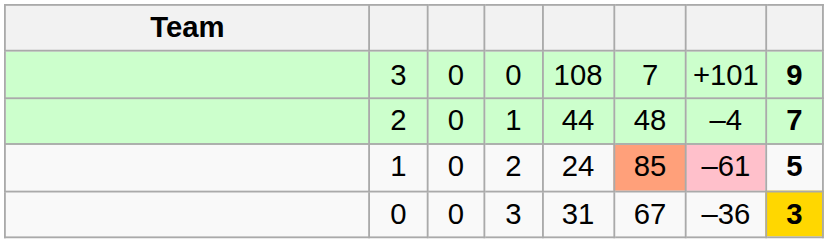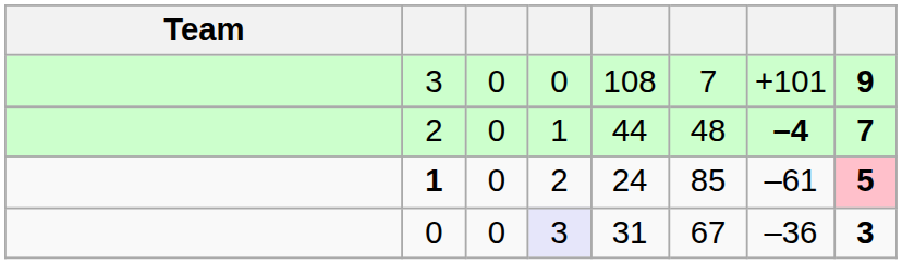 <table class="wikitable" style="text-align:center;">
 <tr>
 <th style="width:12em;">Team</th>
 <th style="width:1.5em;"></th>
 <th style="width:1.5em;"></th>
 <th style="width:1.5em;"></th>
 <th style="width:2.0em;"></th>
 <th style="width:2.0em;"></th>
 <th style="width:2.0em;"></th>
 <th style="width:1.5em;"></th>
 </tr>
 <tr bgcolor=#cfc>
 <td align="left"></td>
 <td>3</td>
 <td>0</td>
 <td>0</td>
 <td>108</td>
 <td>7</td>
 <td>+101</td>
 <td><strong>9</strong></td>
 </tr>
 <tr bgcolor=#cfc>
 <td align="left"></td>
 <td>2</td>
 <td>0</td>
 <td>1</td>
 <td>44</td>
 <td>48</td>
-<td>–4</td>
+<td><strong>–4</strong></td>
 <td><strong>7</strong></td>
 </tr>
 <tr>
 <td align="left"></td>
-<td>1</td>
+<td><strong>1</strong></td>
 <td>0</td>
 <td>2</td>
 <td>24</td>
-<td style="background: lightsalmon;">85</td>
-<td style="background: pink;">–61</td>
-<td><strong>5</strong></td>
+<td>85</td>
+<td>–61</td>
+<td style="background: pink;"><strong>5</strong></td>
 </tr>
 <tr>
 <td align="left"></td>
 <td>0</td>
 <td>0</td>
-<td>3</td>
+<td style="background: lavender;">3</td>
 <td>31</td>
 <td>67</td>
 <td>–36</td>
-<td style="background: gold;"><strong>3</strong></td>
+<td><strong>3</strong></td>
 </tr>
 </table>
